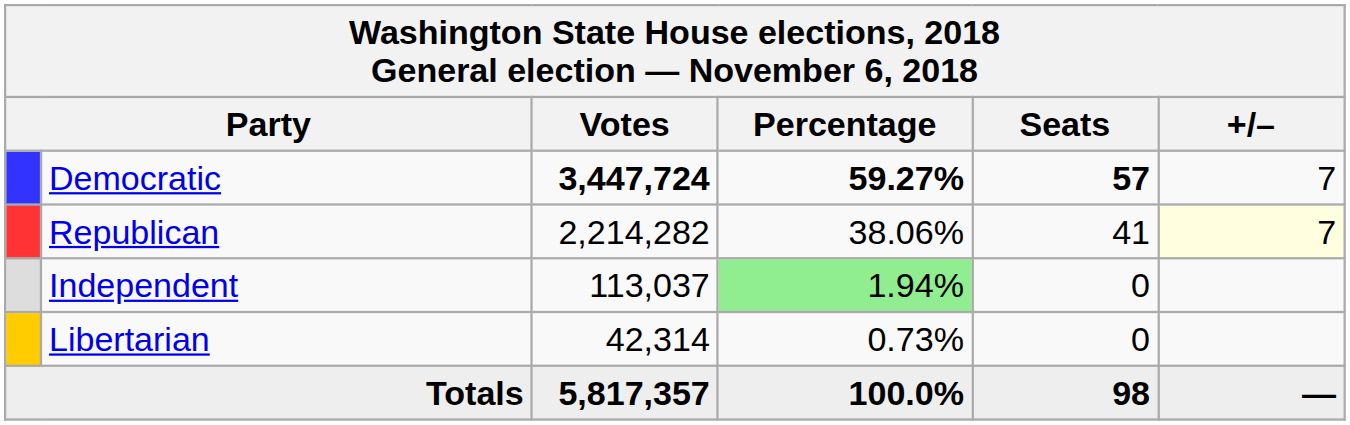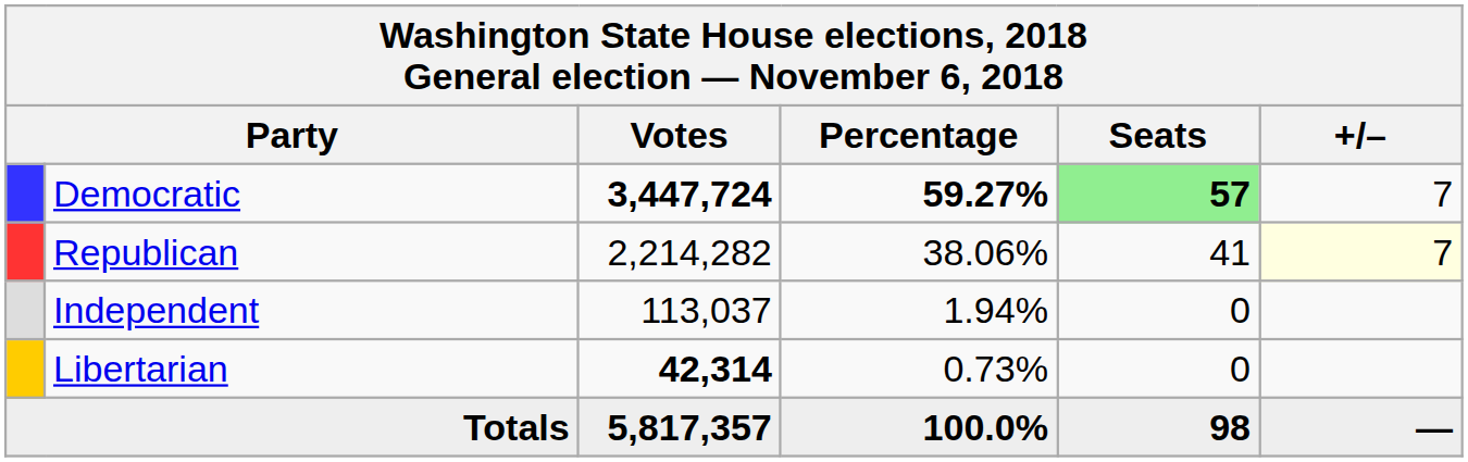 <table class="wikitable" style="font-size: 95%;">
 <tr>
 <th colspan="6">Washington State House elections, 2018<br>General election — November 6, 2018</th>
 </tr>
 <tr>
 <th colspan="2" style="width: 15em">Party</th>
 <th style="width: 5em">Votes</th>
 <th style="width: 7em">Percentage</th>
 <th style="width: 5em">Seats</th>
 <th style="width: 5em">+/–</th>
 </tr>
 <tr>
 <th style="background-color:#3333FF; width: 3px"></th>
 <td style="width: 130px"><a href='#'>Democratic</a></td>
 <td align="right"><strong>3,447,724</strong></td>
 <td align="right"><strong>59.27%</strong></td>
-<td align="right"><strong>57</strong></td>
+<td align="right" style="background: lightgreen;"><strong>57</strong></td>
 <td align="right">7</td>
 </tr>
 <tr>
 <th style="background-color:#FF3333; width: 3px"></th>
 <td style="width: 130px"><a href='#'>Republican</a></td>
 <td align="right">2,214,282</td>
 <td align="right">38.06%</td>
 <td align="right">41</td>
 <td align="right" style="background: lightyellow;">7</td>
 </tr>
 <tr>
 <th style="background-color:#DDDDDD; width: 3px"></th>
 <td style="width: 130px"><a href='#'>Independent</a></td>
 <td align="right">113,037</td>
-<td align="right" style="background: lightgreen;">1.94%</td>
+<td align="right">1.94%</td>
 <td align="right">0</td>
 <td align="right"></td>
 </tr>
 <tr>
 <th style="background-color:#FC0; width: 3px"></th>
 <td style="width: 130px"><a href='#'>Libertarian</a></td>
-<td align="right">42,314</td>
+<td align="right"><strong>42,314</strong></td>
 <td align="right">0.73%</td>
 <td align="right">0</td>
 <td align="right"></td>
 </tr>
 <tr bgcolor="#EEEEEE">
 <td colspan="2" align="right"><strong>Totals</strong></td>
 <td align="right"><strong>5,817,357</strong></td>
 <td align="right"><strong>100.0%</strong></td>
 <td align="right"><strong>98</strong></td>
 <td align="right"><strong>—</strong></td>
 </tr>
 </table>
